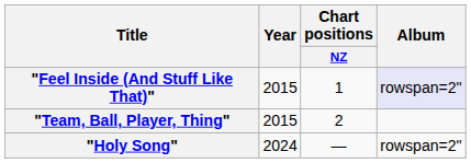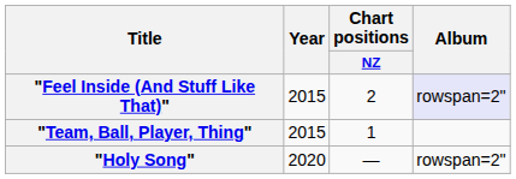 <table class="wikitable plainrowheaders" style="text-align:center;">
 <tr>
 <th rowspan="2" style="width:16em;">Title</th>
 <th rowspan="2">Year</th>
 <th colspan="1">Chart positions</th>
 <th rowspan="2">Album</th>
 </tr>
 <tr style="font-size:smaller;">
 <th width="45"><a href='#'>NZ</a><br></th>
 </tr>
 <tr>
 <th scope="row">"<a href='#'>Feel Inside (And Stuff Like That)</a>"<br></th>
 <td>2015</td>
-<td>1</td>
+<td>2</td>
 <td style="background: lavender;">rowspan=2" </td>
 </tr>
 <tr>
 <th scope="row">"<a href='#'>Team, Ball, Player, Thing</a>"<br></th>
 <td>2015</td>
-<td>2</td>
+<td>1</td>
 </tr>
 <tr>
 <th scope="row">"<a href='#'>Holy Song</a>"<br></th>
-<td>2024</td>
+<td>2020</td>
 <td>—</td>
 <td>rowspan=2" </td>
 </tr>
 </table>
